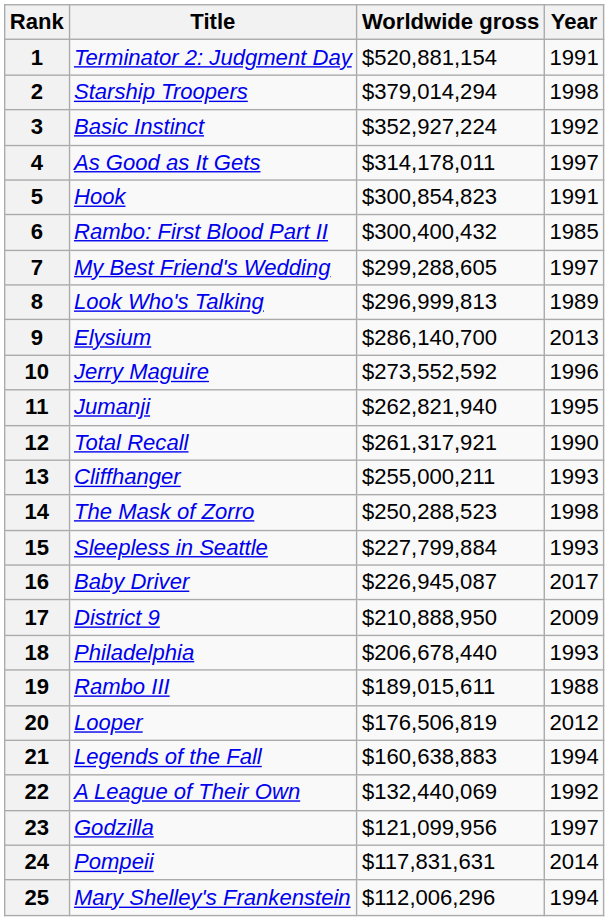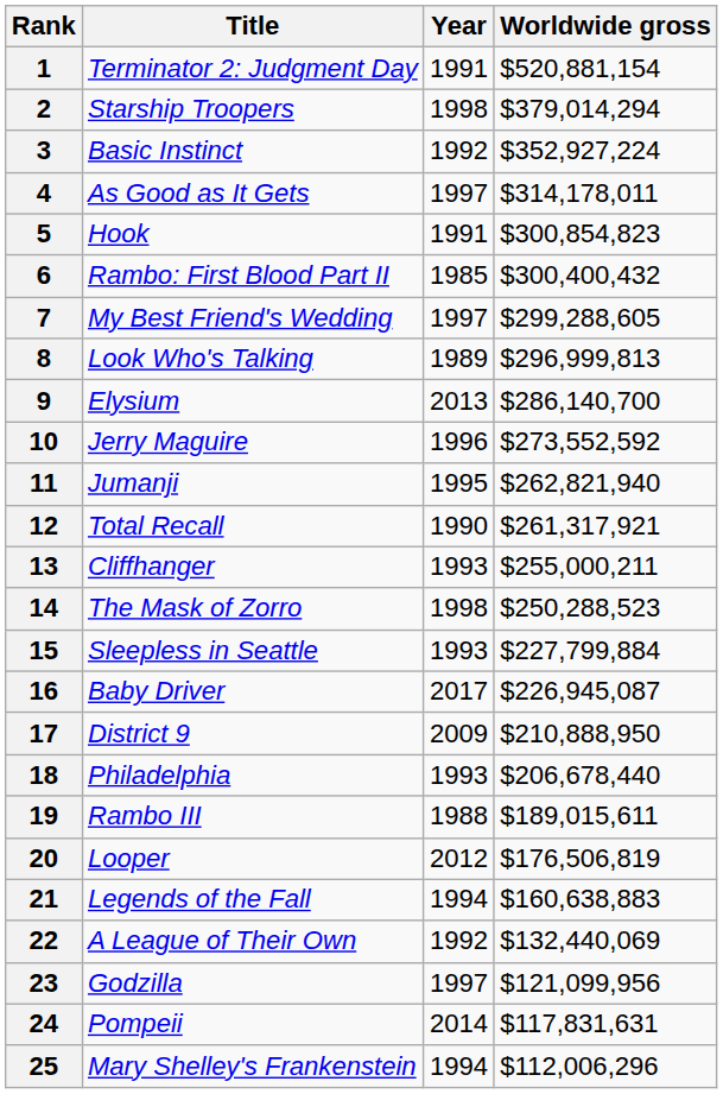 <table class="wikitable sortable" style="display:inline-table;">
 <tr>
 <th scope="col">Rank</th>
 <th scope="col">Title</th>
+<th scope="col">Year</th>
 <th scope="col">Worldwide gross</th>
-<th scope="col">Year</th>
 </tr>
 <tr>
 <th>1</th>
 <td><em><a href='#'>Terminator 2: Judgment Day</a></em></td>
+<td>1991</td>
 <td>$520,881,154</td>
-<td>1991</td>
 </tr>
 <tr>
 <th>2</th>
 <td><em><a href='#'>Starship Troopers</a></em></td>
+<td>1998</td>
 <td>$379,014,294</td>
-<td>1998</td>
 </tr>
 <tr>
 <th>3</th>
 <td><em><a href='#'>Basic Instinct</a></em></td>
+<td>1992</td>
 <td>$352,927,224</td>
-<td>1992</td>
 </tr>
 <tr>
 <th>4</th>
 <td><em><a href='#'>As Good as It Gets</a></em></td>
+<td>1997</td>
 <td>$314,178,011</td>
-<td>1997</td>
 </tr>
 <tr>
 <th>5</th>
 <td><em><a href='#'>Hook</a></em></td>
+<td>1991</td>
 <td>$300,854,823</td>
-<td>1991</td>
 </tr>
 <tr>
 <th>6</th>
 <td><em><a href='#'>Rambo: First Blood Part II</a></em></td>
+<td>1985</td>
 <td>$300,400,432</td>
-<td>1985</td>
 </tr>
 <tr>
 <th>7</th>
 <td><em><a href='#'>My Best Friend's Wedding</a></em></td>
+<td>1997</td>
 <td>$299,288,605</td>
-<td>1997</td>
 </tr>
 <tr>
 <th>8</th>
 <td><em><a href='#'>Look Who's Talking</a></em></td>
+<td>1989</td>
 <td>$296,999,813</td>
-<td>1989</td>
 </tr>
 <tr>
 <th>9</th>
 <td><em><a href='#'>Elysium</a></em></td>
+<td>2013</td>
 <td>$286,140,700</td>
-<td>2013</td>
 </tr>
 <tr>
 <th>10</th>
 <td><em><a href='#'>Jerry Maguire</a></em></td>
+<td>1996</td>
 <td>$273,552,592</td>
-<td>1996</td>
 </tr>
 <tr>
 <th>11</th>
 <td><em><a href='#'>Jumanji</a></em></td>
+<td>1995</td>
 <td>$262,821,940</td>
-<td>1995</td>
 </tr>
 <tr>
 <th>12</th>
 <td><em><a href='#'>Total Recall</a></em></td>
+<td>1990</td>
 <td>$261,317,921</td>
-<td>1990</td>
 </tr>
 <tr>
 <th>13</th>
 <td><em><a href='#'>Cliffhanger</a></em></td>
+<td>1993</td>
 <td>$255,000,211</td>
-<td>1993</td>
 </tr>
 <tr>
 <th>14</th>
 <td><em><a href='#'>The Mask of Zorro</a></em></td>
+<td>1998</td>
 <td>$250,288,523</td>
-<td>1998</td>
 </tr>
 <tr>
 <th>15</th>
 <td><em><a href='#'>Sleepless in Seattle</a></em></td>
+<td>1993</td>
 <td>$227,799,884</td>
-<td>1993</td>
 </tr>
 <tr>
 <th>16</th>
 <td><em><a href='#'>Baby Driver</a></em></td>
+<td>2017</td>
 <td>$226,945,087</td>
-<td>2017</td>
 </tr>
 <tr>
 <th>17</th>
 <td><em><a href='#'>District 9</a></em></td>
+<td>2009</td>
 <td>$210,888,950</td>
-<td>2009</td>
 </tr>
 <tr>
 <th>18</th>
 <td><em><a href='#'>Philadelphia</a></em></td>
+<td>1993</td>
 <td>$206,678,440</td>
-<td>1993</td>
 </tr>
 <tr>
 <th>19</th>
 <td><em><a href='#'>Rambo III</a></em></td>
+<td>1988</td>
 <td>$189,015,611</td>
-<td>1988</td>
 </tr>
 <tr>
 <th>20</th>
 <td><em><a href='#'>Looper</a></em></td>
+<td>2012</td>
 <td>$176,506,819</td>
-<td>2012</td>
 </tr>
 <tr>
 <th>21</th>
 <td><em><a href='#'>Legends of the Fall</a></em></td>
+<td>1994</td>
 <td>$160,638,883</td>
-<td>1994</td>
 </tr>
 <tr>
 <th>22</th>
 <td><em><a href='#'>A League of Their Own</a></em></td>
+<td>1992</td>
 <td>$132,440,069</td>
-<td>1992</td>
 </tr>
 <tr>
 <th>23</th>
 <td><em><a href='#'>Godzilla</a></em></td>
+<td>1997</td>
 <td>$121,099,956</td>
-<td>1997</td>
 </tr>
 <tr>
 <th>24</th>
 <td><em><a href='#'>Pompeii</a></em></td>
+<td>2014</td>
 <td>$117,831,631</td>
-<td>2014</td>
 </tr>
 <tr>
 <th>25</th>
 <td><em><a href='#'>Mary Shelley's Frankenstein</a></em></td>
+<td>1994</td>
 <td>$112,006,296</td>
-<td>1994</td>
 </tr>
 </table>
